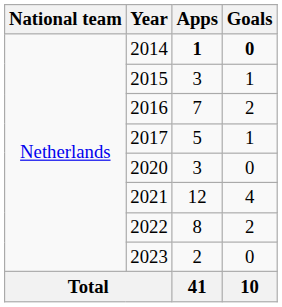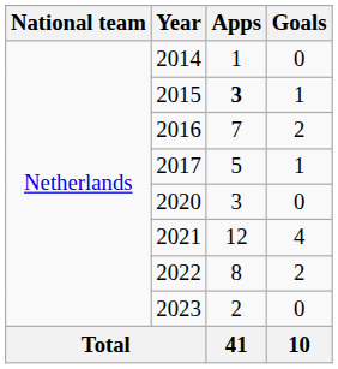 <table class="wikitable" style="text-align:center">
 <tr>
 <th>National team</th>
 <th>Year</th>
 <th>Apps</th>
 <th>Goals</th>
 </tr>
 <tr>
 <td rowspan="8"><a href='#'>Netherlands</a></td>
 <td>2014</td>
-<td><strong>1</strong></td>
-<td><strong>0</strong></td>
+<td>1</td>
+<td>0</td>
 </tr>
 <tr>
 <td>2015</td>
-<td>3</td>
+<td><strong>3</strong></td>
 <td>1</td>
 </tr>
 <tr>
 <td>2016</td>
 <td>7</td>
 <td>2</td>
 </tr>
 <tr>
 <td>2017</td>
 <td>5</td>
 <td>1</td>
 </tr>
 <tr>
 <td>2020</td>
 <td>3</td>
 <td>0</td>
 </tr>
 <tr>
 <td>2021</td>
 <td>12</td>
 <td>4</td>
 </tr>
 <tr>
 <td>2022</td>
 <td>8</td>
 <td>2</td>
 </tr>
 <tr>
 <td>2023</td>
 <td>2</td>
 <td>0</td>
 </tr>
 <tr>
 <th colspan="2">Total</th>
 <th>41</th>
 <th>10</th>
 </tr>
 </table>
